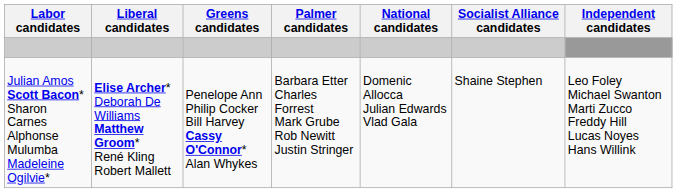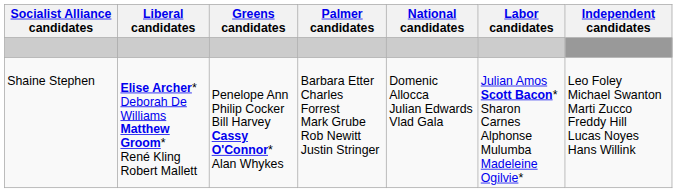 <table class="wikitable">
 <tr>
-<th><a href='#'>Labor</a> candidates</th>
+<th><a href='#'>Socialist Alliance</a> candidates</th>
 <th><a href='#'>Liberal</a> candidates</th>
 <th><a href='#'>Greens</a> candidates</th>
 <th><a href='#'>Palmer</a> candidates</th>
 <th><a href='#'>National</a> candidates</th>
-<th><a href='#'>Socialist Alliance</a> candidates</th>
+<th><a href='#'>Labor</a> candidates</th>
 <th><a href='#'>Independent</a> candidates</th>
 </tr>
 <tr bgcolor="#cccccc">
 <td></td>
 <td></td>
 <td></td>
 <td></td>
 <td></td>
 <td></td>
 <td bgcolor="#999999"> </td>
 </tr>
 <tr>
-<td><br><a href='#'>Julian Amos</a><br> <strong><a href='#'>Scott Bacon</a></strong>*<br> Sharon Carnes<br> Alphonse Mulumba<br> <a href='#'>Madeleine Ogilvie</a>*</td>
+<td valign=top><br>Shaine Stephen</td>
 <td><br><strong><a href='#'>Elise Archer</a></strong>*<br> <a href='#'>Deborah De Williams</a><br> <strong><a href='#'>Matthew Groom</a></strong>*<br> René Kling<br> Robert Mallett</td>
 <td><br>Penelope Ann<br> Philip Cocker<br> Bill Harvey<br> <strong><a href='#'>Cassy O'Connor</a></strong>*<br> Alan Whykes</td>
 <td valign=top><br>Barbara Etter<br> Charles Forrest<br> Mark Grube<br> Rob Newitt<br> Justin Stringer</td>
 <td valign=top><br>Domenic Allocca<br> Julian Edwards<br> Vlad Gala</td>
-<td valign=top><br>Shaine Stephen</td>
+<td><br><a href='#'>Julian Amos</a><br> <strong><a href='#'>Scott Bacon</a></strong>*<br> Sharon Carnes<br> Alphonse Mulumba<br> <a href='#'>Madeleine Ogilvie</a>*</td>
 <td valign=top><br>Leo Foley<br> Michael Swanton<br> Marti Zucco<br> Freddy Hill<br> Lucas Noyes<br> Hans Willink</td>
 </tr>
 </table>
